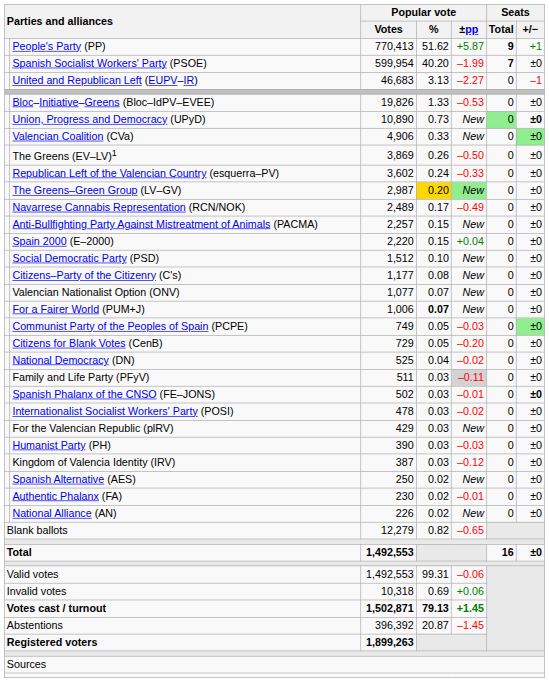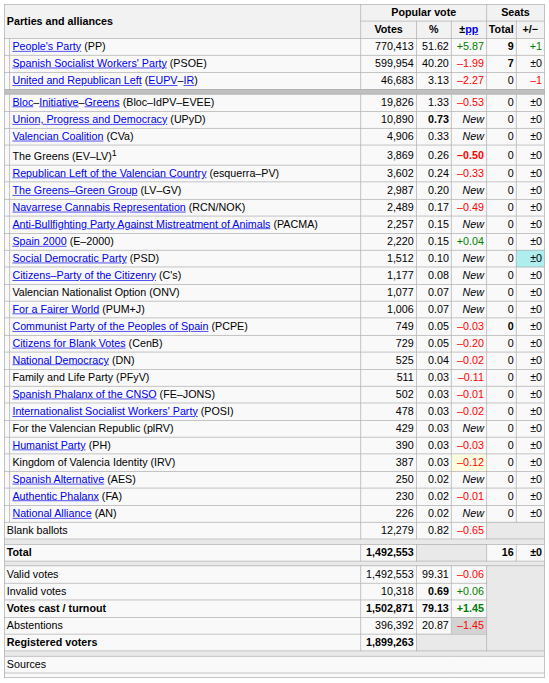 <table class="wikitable" style="text-align:right;">
 <tr>
 <th style="text-align:left;" rowspan="2" colspan="2" width="525">Parties and alliances</th>
 <th colspan="3">Popular vote</th>
 <th colspan="2">Seats</th>
 </tr>
 <tr>
 <th width="75">Votes</th>
 <th width="45">%</th>
 <th width="45">±<a href='#'>pp</a></th>
 <th width="35">Total</th>
 <th width="35">+/−</th>
 </tr>
 <tr>
 <td width="1" style="color:inherit;background:"></td>
 <td align="left"><a href='#'>People's Party</a> (PP)</td>
 <td>770,413</td>
 <td>51.62</td>
 <td style="color:green;">+5.87</td>
 <td><strong>9</strong></td>
 <td style="color:green;">+1</td>
 </tr>
 <tr>
 <td style="color:inherit;background:"></td>
 <td align="left"><a href='#'>Spanish Socialist Workers' Party</a> (PSOE)</td>
 <td>599,954</td>
 <td>40.20</td>
 <td style="color:red;">–1.99</td>
 <td><strong>7</strong></td>
 <td>±0</td>
 </tr>
 <tr>
 <td style="color:inherit;background:"></td>
 <td align="left"><a href='#'>United and Republican Left</a> (<a href='#'>EUPV</a>–<a href='#'>IR</a>)</td>
 <td>46,683</td>
 <td>3.13</td>
 <td style="color:red;">–2.27</td>
 <td>0</td>
 <td style="color:red;">–1</td>
 </tr>
 <tr>
 <td colspan="7" bgcolor="#C0C0C0"></td>
 </tr>
 <tr>
 <td style="color:inherit;background:"></td>
 <td align="left"><a href='#'>Bloc</a>–<a href='#'>Initiative</a>–<a href='#'>Greens</a> (Bloc–IdPV–EVEE)</td>
 <td>19,826</td>
 <td>1.33</td>
 <td style="color:red;">–0.53</td>
 <td>0</td>
 <td>±0</td>
 </tr>
 <tr>
 <td style="color:inherit;background:"></td>
 <td align="left"><a href='#'>Union, Progress and Democracy</a> (UPyD)</td>
 <td>10,890</td>
-<td>0.73</td>
+<td><strong>0.73</strong></td>
 <td><em>New</em></td>
-<td style="background: lightgreen;">0</td>
-<td><strong>±0</strong></td>
+<td>0</td>
+<td>±0</td>
 </tr>
 <tr>
 <td style="color:inherit;background:"></td>
 <td align="left"><a href='#'>Valencian Coalition</a> (CVa)</td>
 <td>4,906</td>
 <td>0.33</td>
 <td><em>New</em></td>
 <td>0</td>
-<td style="background: lightgreen;">±0</td>
+<td>±0</td>
 </tr>
 <tr>
 <td style="color:inherit;background:"></td>
 <td align="left">The Greens (EV–LV)<sup>1</sup></td>
 <td>3,869</td>
 <td>0.26</td>
-<td style="color:red;">–0.50</td>
+<td style="color:red;"><strong>–0.50</strong></td>
 <td>0</td>
 <td>±0</td>
 </tr>
 <tr>
 <td style="color:inherit;background:"></td>
 <td align="left"><a href='#'>Republican Left of the Valencian Country</a> (esquerra–PV)</td>
 <td>3,602</td>
 <td>0.24</td>
 <td style="color:red;">–0.33</td>
 <td>0</td>
 <td>±0</td>
 </tr>
 <tr>
 <td style="color:inherit;background:"></td>
 <td align="left"><a href='#'>The Greens–Green Group</a> (LV–GV)</td>
 <td>2,987</td>
-<td style="background: gold;">0.20</td>
-<td style="background: lightgreen;"><em>New</em></td>
+<td>0.20</td>
+<td><em>New</em></td>
 <td>0</td>
 <td>±0</td>
 </tr>
 <tr>
 <td style="color:inherit;background:"></td>
 <td align="left"><a href='#'>Navarrese Cannabis Representation</a> (RCN/NOK)</td>
 <td>2,489</td>
 <td>0.17</td>
 <td style="color:red;">–0.49</td>
 <td>0</td>
 <td>±0</td>
 </tr>
 <tr>
 <td style="color:inherit;background:"></td>
 <td align="left"><a href='#'>Anti-Bullfighting Party Against Mistreatment of Animals</a> (PACMA)</td>
 <td>2,257</td>
 <td>0.15</td>
 <td><em>New</em></td>
 <td>0</td>
 <td>±0</td>
 </tr>
 <tr>
 <td style="color:inherit;background:"></td>
 <td align="left"><a href='#'>Spain 2000</a> (E–2000)</td>
 <td>2,220</td>
 <td>0.15</td>
 <td style="color:green;">+0.04</td>
 <td>0</td>
 <td>±0</td>
 </tr>
 <tr>
 <td style="color:inherit;background:"></td>
 <td align="left"><a href='#'>Social Democratic Party</a> (PSD)</td>
 <td>1,512</td>
 <td>0.10</td>
 <td><em>New</em></td>
 <td>0</td>
-<td>±0</td>
+<td style="background: paleturquoise;">±0</td>
 </tr>
 <tr>
 <td style="color:inherit;background:"></td>
 <td align="left"><a href='#'>Citizens–Party of the Citizenry</a> (C's)</td>
 <td>1,177</td>
 <td>0.08</td>
 <td><em>New</em></td>
 <td>0</td>
 <td>±0</td>
 </tr>
 <tr>
 <td style="color:inherit;background:"></td>
 <td align="left">Valencian Nationalist Option (ONV)</td>
 <td>1,077</td>
 <td>0.07</td>
 <td><em>New</em></td>
 <td>0</td>
 <td>±0</td>
 </tr>
 <tr>
 <td style="color:inherit;background:"></td>
 <td align="left"><a href='#'>For a Fairer World</a> (PUM+J)</td>
 <td>1,006</td>
-<td><strong>0.07</strong></td>
+<td>0.07</td>
 <td><em>New</em></td>
 <td>0</td>
 <td>±0</td>
 </tr>
 <tr>
 <td style="color:inherit;background:"></td>
 <td align="left"><a href='#'>Communist Party of the Peoples of Spain</a> (PCPE)</td>
 <td>749</td>
 <td>0.05</td>
 <td style="color:red;">–0.03</td>
-<td>0</td>
-<td style="background: lightgreen;">±0</td>
+<td><strong>0</strong></td>
+<td>±0</td>
 </tr>
 <tr>
 <td style="color:inherit;background:"></td>
 <td align="left"><a href='#'>Citizens for Blank Votes</a> (CenB)</td>
 <td>729</td>
 <td>0.05</td>
 <td style="color:red;">–0.20</td>
 <td>0</td>
 <td>±0</td>
 </tr>
 <tr>
 <td style="color:inherit;background:"></td>
 <td align="left"><a href='#'>National Democracy</a> (DN)</td>
 <td>525</td>
 <td>0.04</td>
 <td style="color:red;">–0.02</td>
 <td>0</td>
 <td>±0</td>
 </tr>
 <tr>
 <td style="color:inherit;background:"></td>
 <td align="left">Family and Life Party (PFyV)</td>
 <td>511</td>
 <td>0.03</td>
-<td style="background: lightgrey; color:red;">–0.11</td>
+<td style="color:red;">–0.11</td>
 <td>0</td>
 <td>±0</td>
 </tr>
 <tr>
 <td style="color:inherit;background:"></td>
 <td align="left"><a href='#'>Spanish Phalanx of the CNSO</a> (FE–JONS)</td>
 <td>502</td>
 <td>0.03</td>
 <td style="color:red;">–0.01</td>
 <td>0</td>
-<td><strong>±0</strong></td>
+<td>±0</td>
 </tr>
 <tr>
 <td style="color:inherit;background:"></td>
 <td align="left"><a href='#'>Internationalist Socialist Workers' Party</a> (POSI)</td>
 <td>478</td>
 <td>0.03</td>
 <td style="color:red;">–0.02</td>
 <td>0</td>
 <td>±0</td>
 </tr>
 <tr>
 <td style="color:inherit;background:"></td>
 <td align="left">For the Valencian Republic (plRV)</td>
 <td>429</td>
 <td>0.03</td>
 <td><em>New</em></td>
 <td>0</td>
 <td>±0</td>
 </tr>
 <tr>
 <td style="color:inherit;background:"></td>
 <td align="left"><a href='#'>Humanist Party</a> (PH)</td>
 <td>390</td>
 <td>0.03</td>
 <td style="color:red;">–0.03</td>
 <td>0</td>
 <td>±0</td>
 </tr>
 <tr>
 <td style="color:inherit;background:"></td>
 <td align="left">Kingdom of Valencia Identity (IRV)</td>
 <td>387</td>
 <td>0.03</td>
-<td style="color:red;">–0.12</td>
+<td style="background: lightyellow; color:red;">–0.12</td>
 <td>0</td>
 <td>±0</td>
 </tr>
 <tr>
 <td style="color:inherit;background:"></td>
 <td align="left"><a href='#'>Spanish Alternative</a> (AES)</td>
 <td>250</td>
 <td>0.02</td>
 <td><em>New</em></td>
 <td>0</td>
 <td>±0</td>
 </tr>
 <tr>
 <td style="color:inherit;background:"></td>
 <td align="left"><a href='#'>Authentic Phalanx</a> (FA)</td>
 <td>230</td>
 <td>0.02</td>
 <td style="color:red;">–0.01</td>
 <td>0</td>
 <td>±0</td>
 </tr>
 <tr>
 <td style="color:inherit;background:"></td>
 <td align="left"><a href='#'>National Alliance</a> (AN)</td>
 <td>226</td>
 <td>0.02</td>
 <td><em>New</em></td>
 <td>0</td>
 <td>±0</td>
 </tr>
 <tr>
 <td align="left" colspan="2">Blank ballots</td>
 <td>12,279</td>
 <td>0.82</td>
 <td style="color:red;">–0.65</td>
 <td bgcolor="#E9E9E9" colspan="2"></td>
 </tr>
 <tr>
 <td colspan="7" bgcolor="#E9E9E9"></td>
 </tr>
 <tr style="font-weight:bold;">
 <td align="left" colspan="2">Total</td>
 <td>1,492,553</td>
 <td bgcolor="#E9E9E9" colspan="2"></td>
 <td>16</td>
 <td>±0</td>
 </tr>
 <tr>
 <td colspan="7" bgcolor="#E9E9E9"></td>
 </tr>
 <tr>
 <td align="left" colspan="2">Valid votes</td>
 <td>1,492,553</td>
 <td>99.31</td>
 <td style="color:red;">–0.06</td>
 <td bgcolor="#E9E9E9" colspan="2" rowspan="5"></td>
 </tr>
 <tr>
 <td align="left" colspan="2">Invalid votes</td>
 <td>10,318</td>
-<td>0.69</td>
+<td><strong>0.69</strong></td>
 <td style="color:green;">+0.06</td>
 </tr>
 <tr style="font-weight:bold;">
 <td align="left" colspan="2">Votes cast / turnout</td>
 <td>1,502,871</td>
 <td>79.13</td>
 <td style="color:green;">+1.45</td>
 </tr>
 <tr>
 <td align="left" colspan="2">Abstentions</td>
 <td>396,392</td>
 <td>20.87</td>
-<td style="color:red;">–1.45</td>
+<td style="background: lightgrey; color:red;">–1.45</td>
 </tr>
 <tr style="font-weight:bold;">
 <td align="left" colspan="2">Registered voters</td>
 <td>1,899,263</td>
 <td bgcolor="#E9E9E9" colspan="2"></td>
 </tr>
 <tr>
 <td colspan="7" bgcolor="#E9E9E9"></td>
 </tr>
 <tr>
 <td align="left" colspan="7">Sources</td>
 </tr>
 <tr>
 <td colspan="7" style="text-align:left; max-width:790px;"></td>
 </tr>
 </table>
